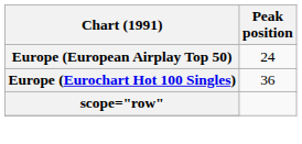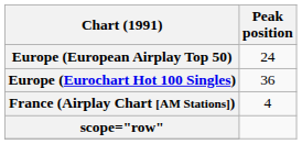 <table class="wikitable plainrowheaders">
 <tr>
 <th>Chart (1991)</th>
 <th>Peak<br>position</th>
 </tr>
 <tr>
 <th scope="row">Europe (European Airplay Top 50)</th>
 <td align="center">24</td>
 </tr>
 <tr>
 <th scope="row">Europe (<a href='#'>Eurochart Hot 100 Singles</a>)</th>
 <td align="center">36</td>
 </tr>
 <tr>
+<th scope="row">France (Airplay Chart <small>[AM Stations]</small>)</th>
+<td align="center">4</td>
+</tr>
+<tr>
 <th>scope="row"</th>
 </tr>
 <tr>
 </tr>
 </table>
